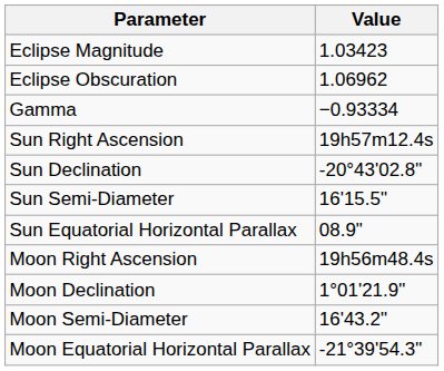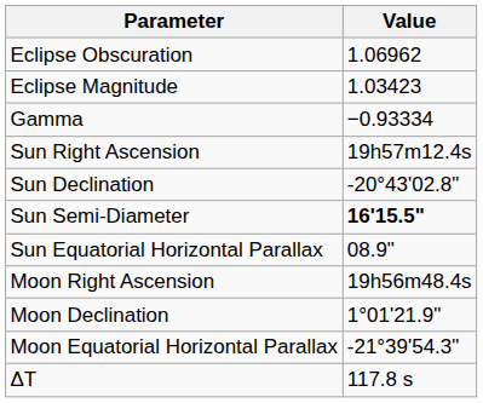 <table class="wikitable">
 <tr>
 <th>Parameter</th>
 <th>Value</th>
 </tr>
 <tr>
+<td>Eclipse Obscuration</td>
+<td>1.06962</td>
+</tr>
+<tr>
 <td>Eclipse Magnitude</td>
 <td>1.03423</td>
-</tr>
-<tr>
-<td>Eclipse Obscuration</td>
-<td>1.06962</td>
 </tr>
 <tr>
 <td>Gamma</td>
 <td>−0.93334</td>
 </tr>
 <tr>
 <td>Sun Right Ascension</td>
 <td>19h57m12.4s</td>
 </tr>
 <tr>
 <td>Sun Declination</td>
 <td>-20°43'02.8"</td>
 </tr>
 <tr>
 <td>Sun Semi-Diameter</td>
-<td>16'15.5"</td>
+<td><strong>16'15.5"</strong></td>
 </tr>
 <tr>
 <td>Sun Equatorial Horizontal Parallax</td>
 <td>08.9"</td>
 </tr>
 <tr>
 <td>Moon Right Ascension</td>
 <td>19h56m48.4s</td>
 </tr>
 <tr>
 <td>Moon Declination</td>
 <td>1°01'21.9"</td>
 </tr>
 <tr>
-<td>Moon Semi-Diameter</td>
-<td>16'43.2"</td>
-</tr>
-<tr>
 <td>Moon Equatorial Horizontal Parallax</td>
 <td>-21°39'54.3"</td>
 </tr>
+<tr>
+<td>ΔT</td>
+<td>117.8 s</td>
+</tr>
 </table>
